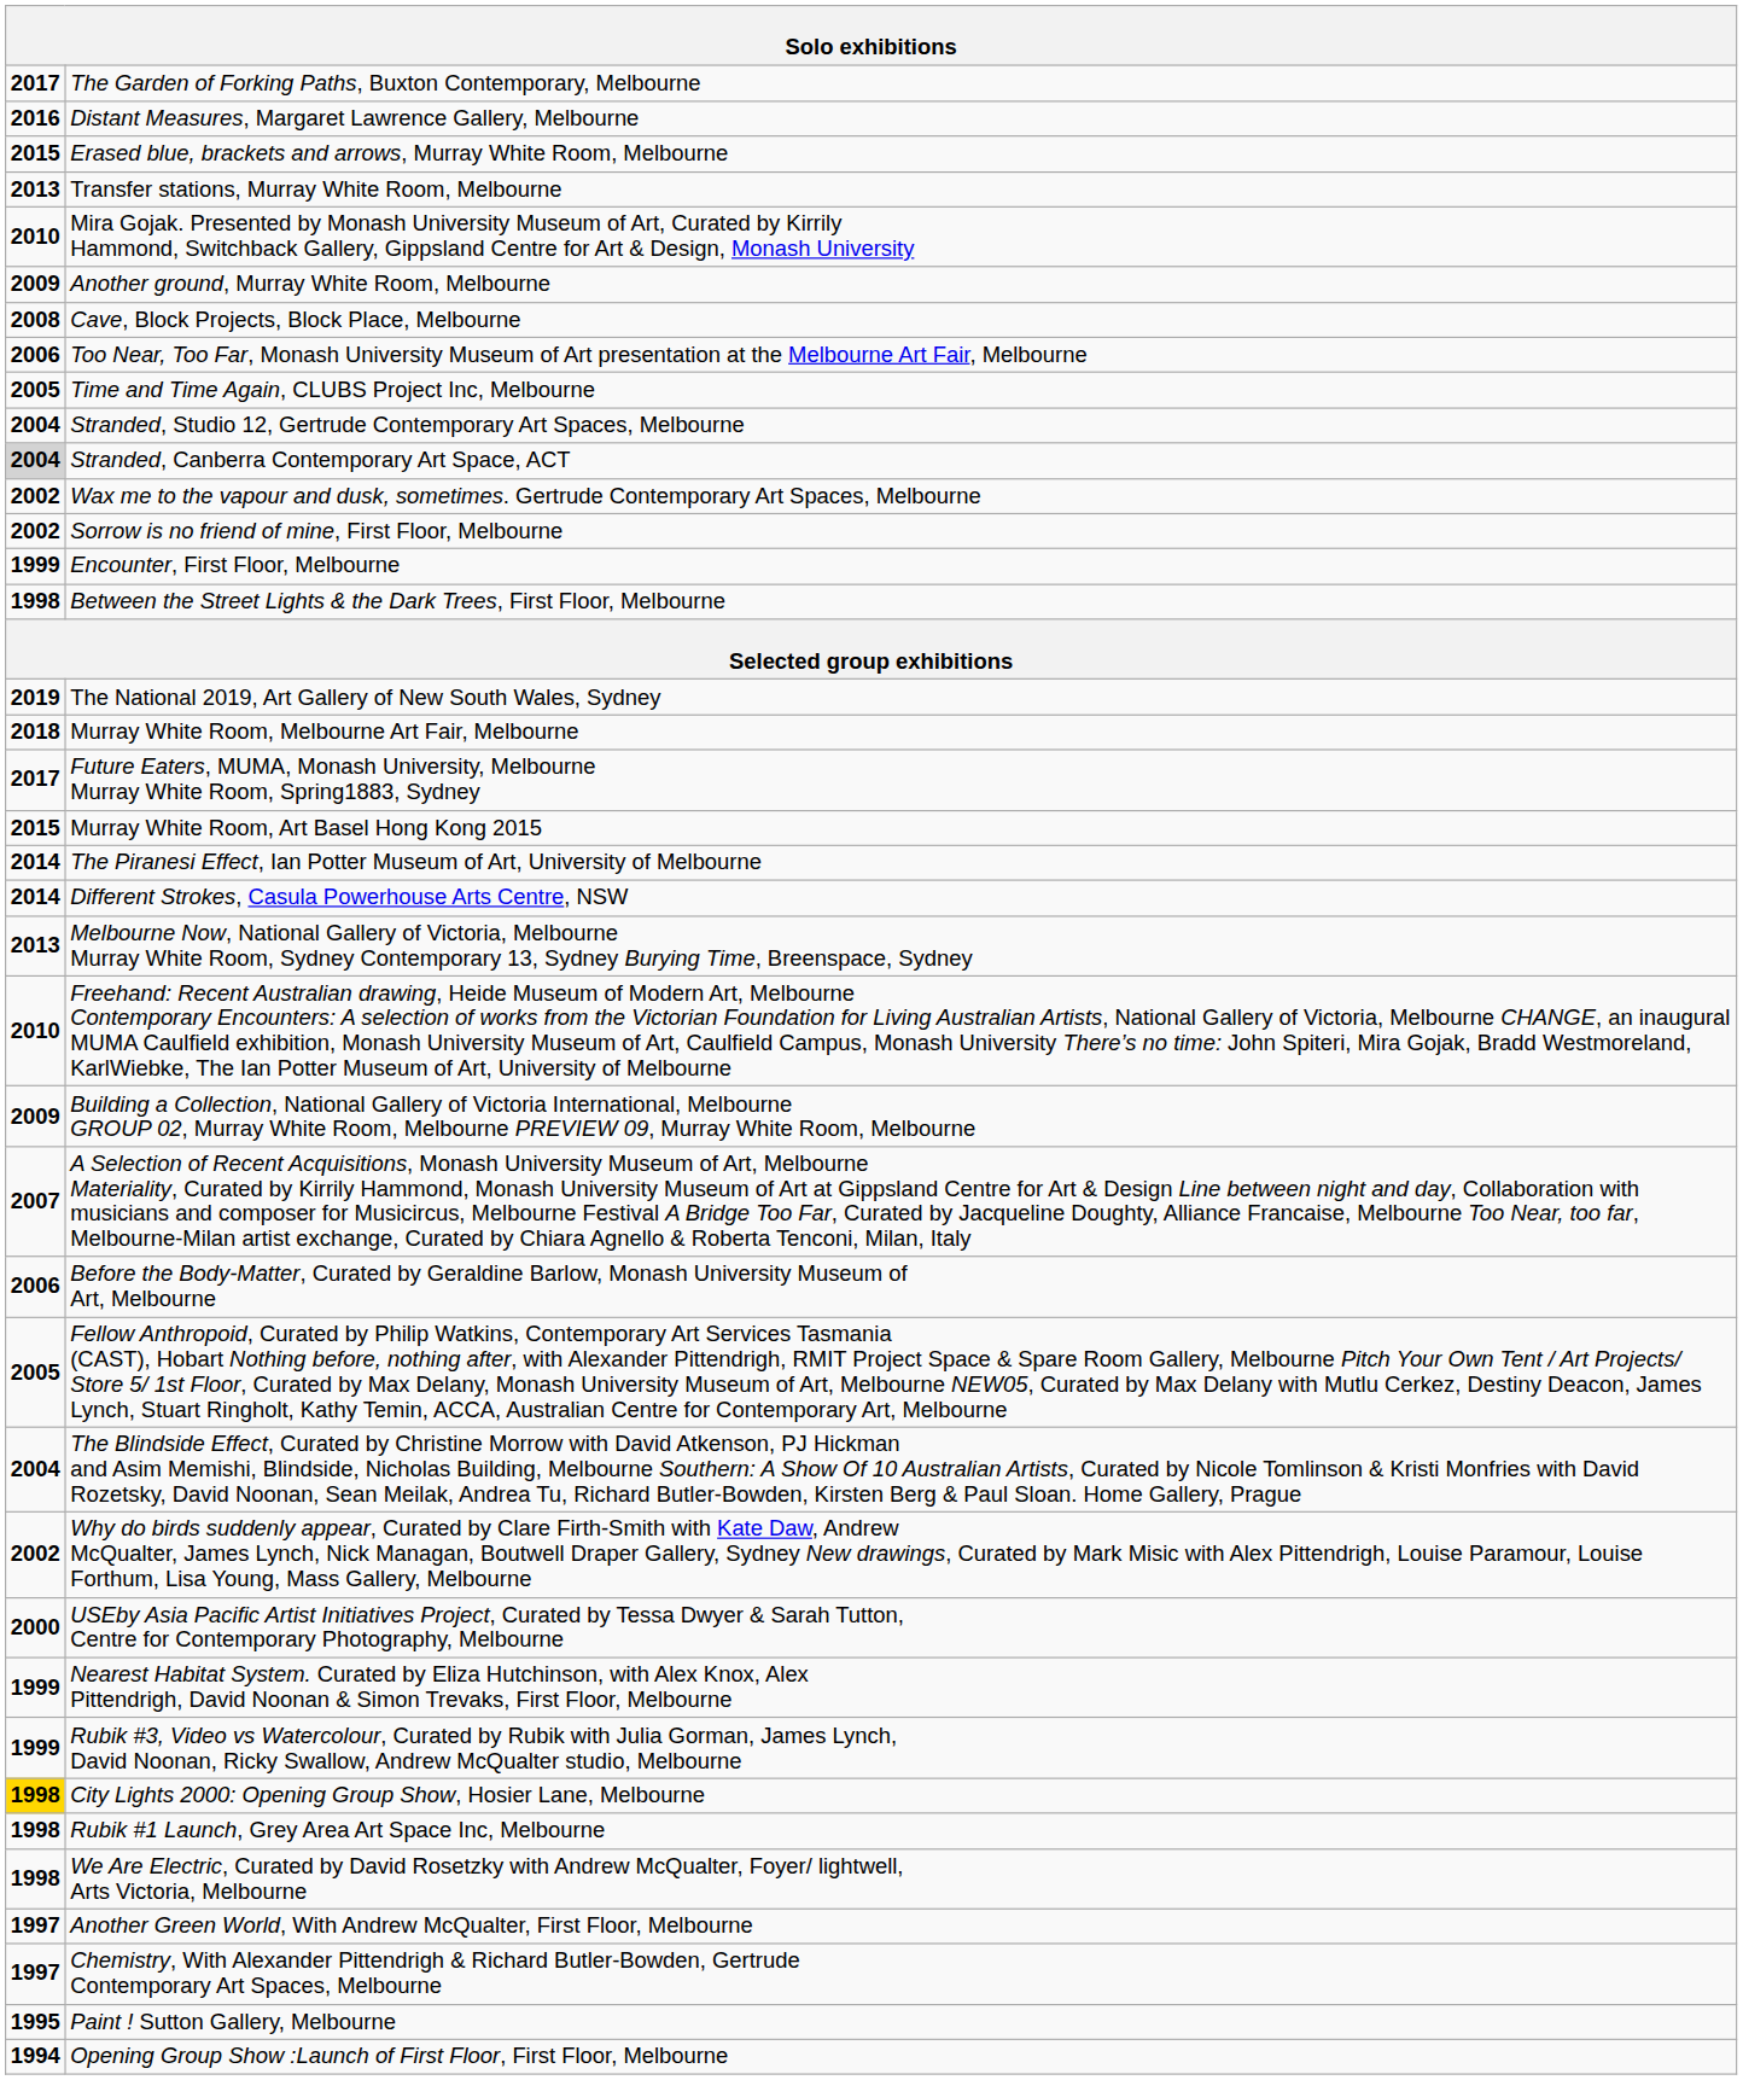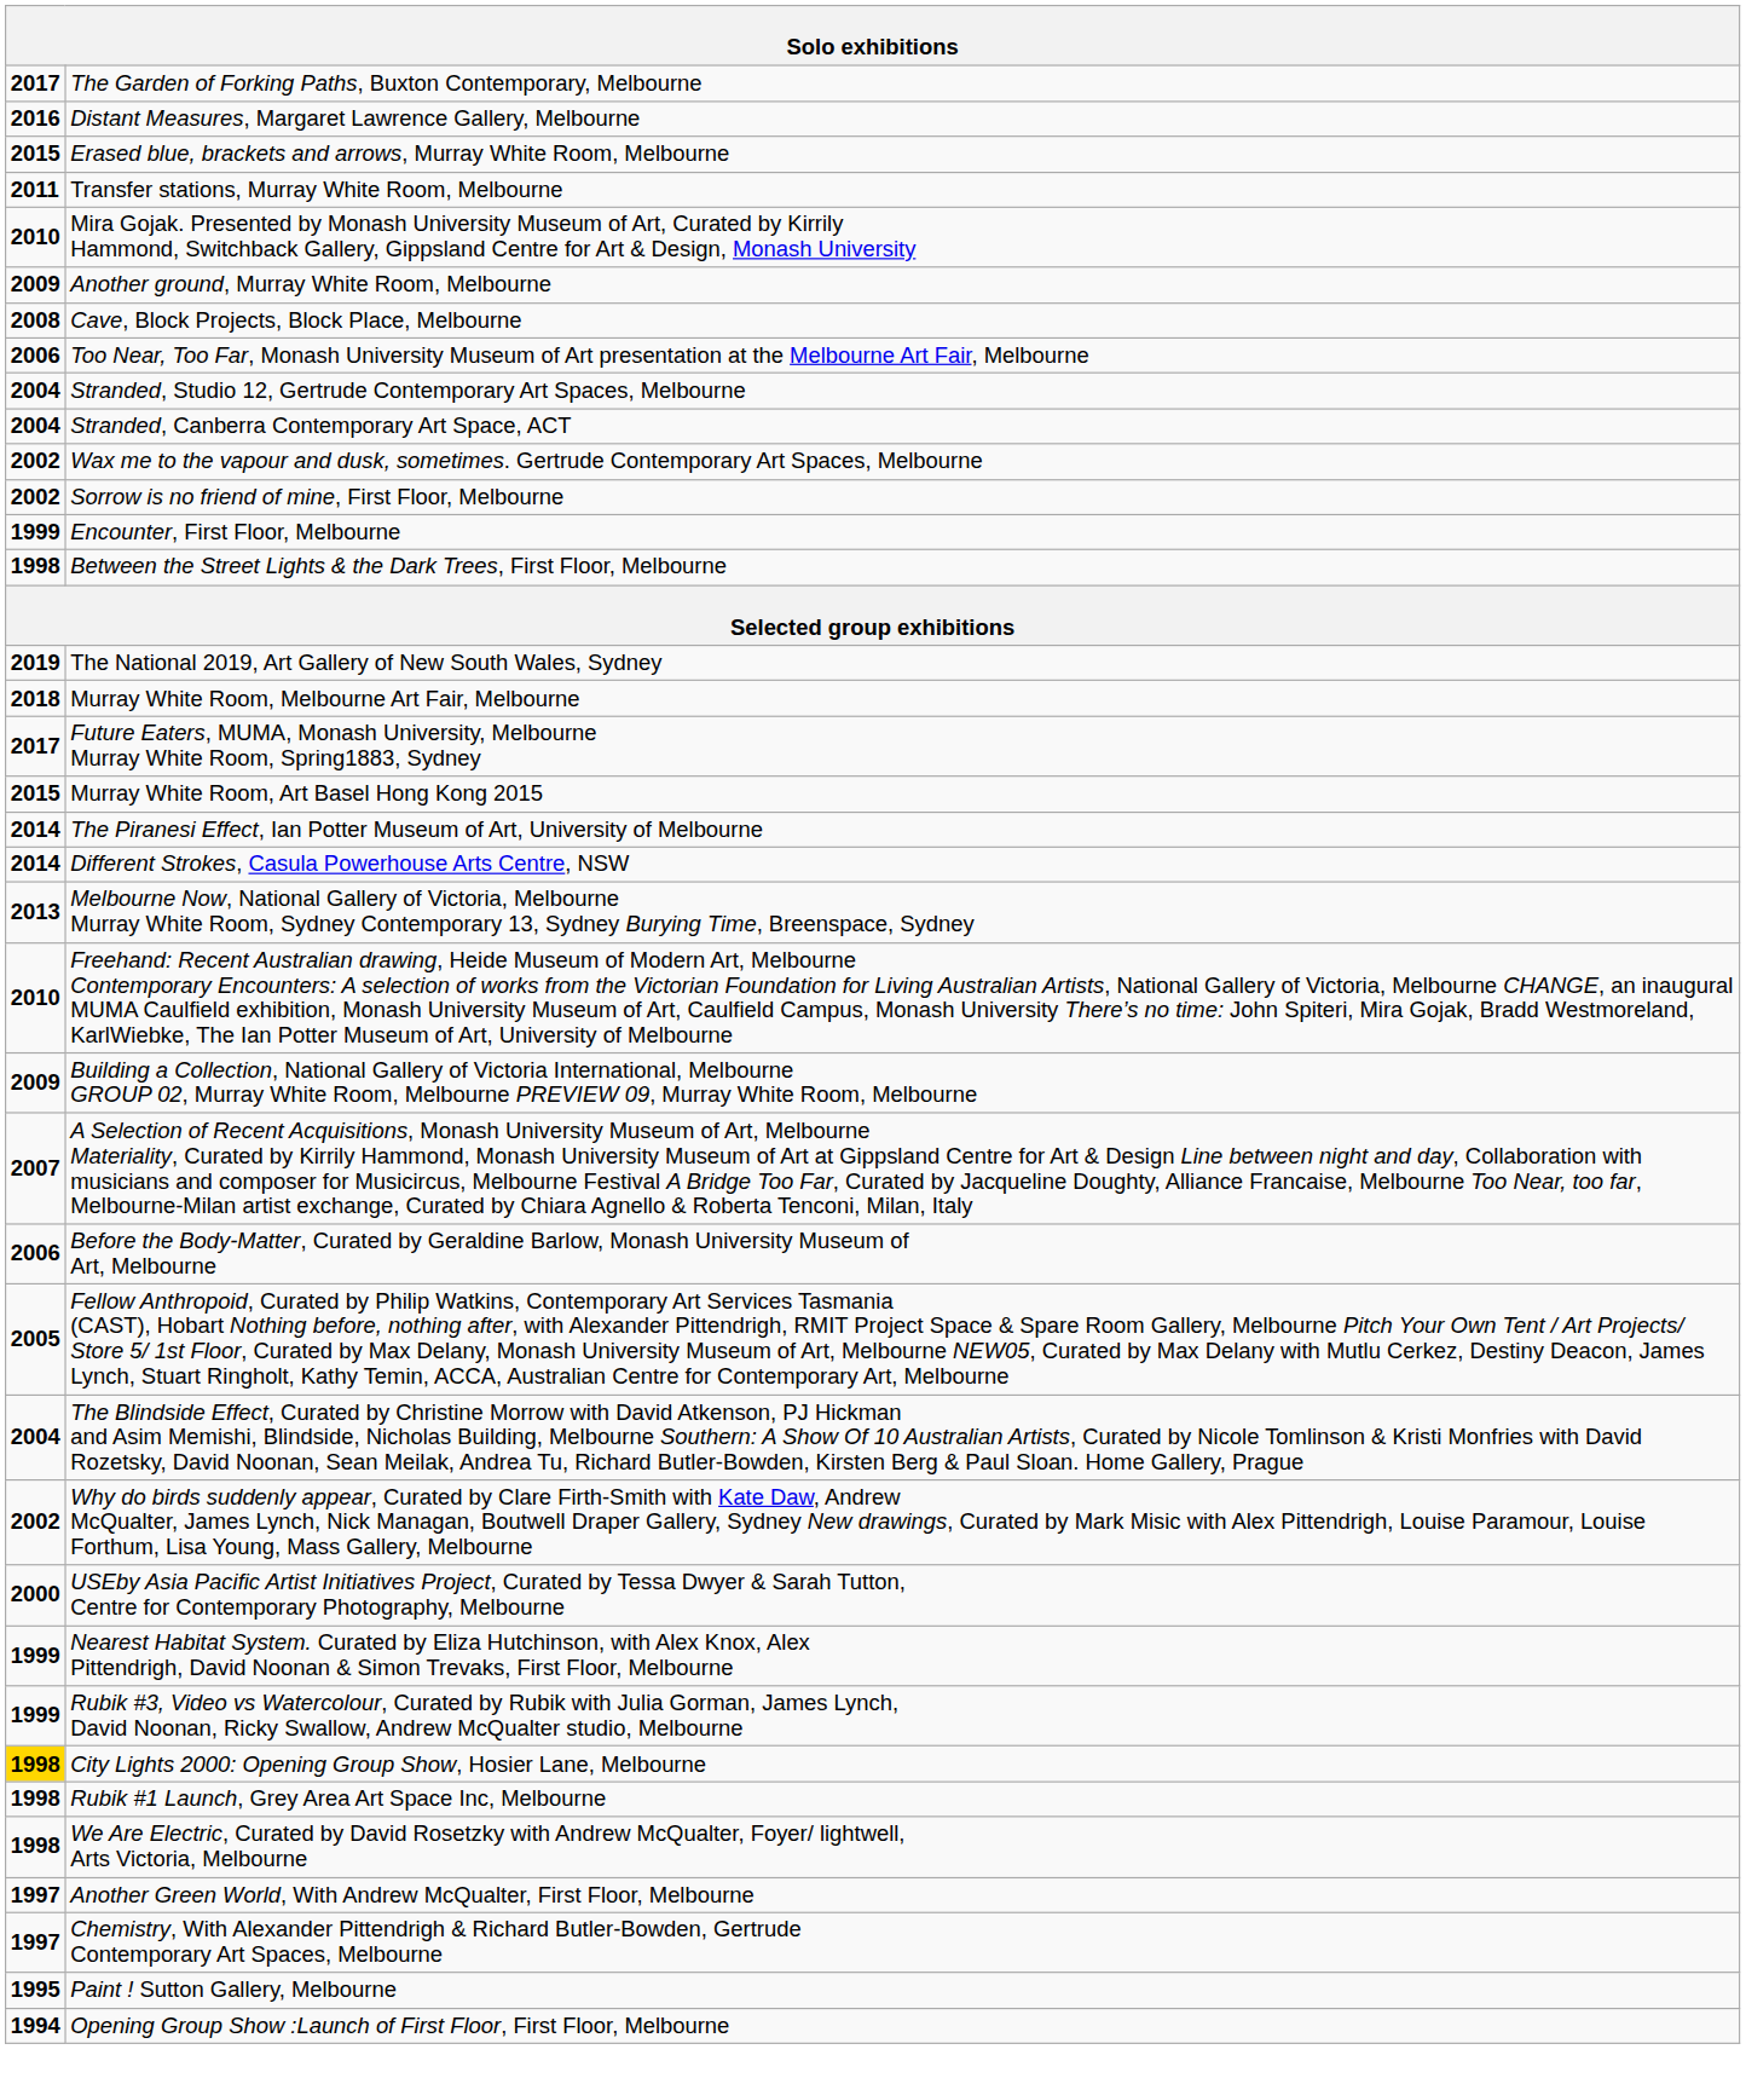 <table class="wikitable">
 <tr>
 <th colspan="2"><br>Solo exhibitions</th>
 </tr>
 <tr>
 <td><strong>2017</strong></td>
 <td><em>The Garden of Forking Paths</em>, Buxton Contemporary, Melbourne</td>
 </tr>
 <tr>
 <td><strong>2016</strong></td>
 <td><em>Distant Measures</em>, Margaret Lawrence Gallery, Melbourne</td>
 </tr>
 <tr>
 <td><strong>2015</strong></td>
 <td><em>Erased blue, brackets and arrows</em>, Murray White Room, Melbourne</td>
 </tr>
 <tr>
-<td><strong>2013</strong></td>
+<td><strong>2011</strong></td>
 <td>Transfer stations, Murray White Room, Melbourne</td>
 </tr>
 <tr>
 <td><strong>2010</strong></td>
 <td>Mira Gojak. Presented by Monash University Museum of Art, Curated by Kirrily<br>Hammond, Switchback Gallery, Gippsland Centre for Art & Design, <a href='#'>Monash University</a></td>
 </tr>
 <tr>
 <td><strong>2009</strong></td>
 <td><em>Another ground</em>, Murray White Room, Melbourne</td>
 </tr>
 <tr>
 <td><strong>2008</strong></td>
 <td><em>Cave</em>, Block Projects, Block Place, Melbourne</td>
 </tr>
 <tr>
 <td><strong>2006</strong></td>
 <td><em>Too Near, Too Far</em>, Monash University Museum of Art presentation at the <a href='#'>Melbourne Art Fair</a>, Melbourne</td>
 </tr>
 <tr>
-<td><strong>2005</strong></td>
-<td><em>Time and Time Again</em>, CLUBS Project Inc, Melbourne</td>
-</tr>
-<tr>
 <td><strong>2004</strong></td>
 <td><em>Stranded</em>, Studio 12, Gertrude Contemporary Art Spaces, Melbourne</td>
 </tr>
 <tr>
-<td style="background: lightgrey;"><strong>2004</strong></td>
+<td><strong>2004</strong></td>
 <td><em>Stranded</em>, Canberra Contemporary Art Space, ACT</td>
 </tr>
 <tr>
 <td><strong>2002</strong></td>
 <td><em>Wax me to the vapour and dusk, sometimes</em>. Gertrude Contemporary Art Spaces, Melbourne</td>
 </tr>
 <tr>
 <td><strong>2002</strong></td>
 <td><em>Sorrow is no friend of mine</em>, First Floor, Melbourne</td>
 </tr>
 <tr>
 <td><strong>1999</strong></td>
 <td><em>Encounter</em>, First Floor, Melbourne</td>
 </tr>
 <tr>
 <td><strong>1998</strong></td>
 <td><em>Between the Street Lights & the Dark Trees</em>, First Floor, Melbourne</td>
 </tr>
 <tr>
 <th colspan="2"><br>Selected group exhibitions</th>
 </tr>
 <tr>
 <td><strong>2019</strong></td>
 <td>The National 2019, Art Gallery of New South Wales, Sydney</td>
 </tr>
 <tr>
 <td><strong>2018</strong></td>
 <td>Murray White Room, Melbourne Art Fair, Melbourne</td>
 </tr>
 <tr>
 <td><strong>2017</strong></td>
 <td><em>Future Eaters</em>, MUMA, Monash University, Melbourne<br>Murray White Room, Spring1883, Sydney</td>
 </tr>
 <tr>
 <td><strong>2015</strong></td>
 <td>Murray White Room, Art Basel Hong Kong 2015</td>
 </tr>
 <tr>
 <td><strong>2014</strong></td>
 <td><em>The Piranesi Effect</em>, Ian Potter Museum of Art, University of Melbourne</td>
 </tr>
 <tr>
 <td><strong>2014</strong></td>
 <td><em>Different Strokes</em>, <a href='#'>Casula Powerhouse Arts Centre</a>, NSW</td>
 </tr>
 <tr>
 <td><strong>2013</strong></td>
 <td><em>Melbourne Now</em>, National Gallery of Victoria, Melbourne<br>Murray White Room, Sydney Contemporary 13, Sydney <em>Burying Time</em>, Breenspace, Sydney</td>
 </tr>
 <tr>
 <td><strong>2010</strong></td>
 <td><em>Freehand: Recent Australian drawing</em>, Heide Museum of Modern Art, Melbourne<br><em>Contemporary Encounters: A selection of works from the Victorian Foundation for</em> <em>Living Australian Artists</em>, National Gallery of Victoria, Melbourne <em>CHANGE</em>, an inaugural MUMA Caulfield exhibition, Monash University Museum of Art, Caulfield Campus, Monash University <em>There’s no time:</em> John Spiteri, Mira Gojak, Bradd Westmoreland, KarlWiebke, The Ian Potter Museum of Art, University of Melbourne</td>
 </tr>
 <tr>
 <td><strong>2009</strong></td>
 <td><em>Building a Collection</em>, National Gallery of Victoria International, Melbourne<br><em>GROUP 02</em>, Murray White Room, Melbourne <em>PREVIEW 09</em>, Murray White Room, Melbourne</td>
 </tr>
 <tr>
 <td><strong>2007</strong></td>
 <td><em>A Selection of Recent Acquisitions</em>, Monash University Museum of Art, Melbourne<br><em>Materiality</em>, Curated by Kirrily Hammond, Monash University Museum of Art at Gippsland Centre for Art & Design <em>Line between night and day</em>, Collaboration with musicians and composer for Musicircus, Melbourne Festival <em>A Bridge Too Far</em>, Curated by Jacqueline Doughty, Alliance Francaise, Melbourne <em>Too Near, too far</em>, Melbourne-Milan artist exchange, Curated by Chiara Agnello & Roberta Tenconi, Milan, Italy</td>
 </tr>
 <tr>
 <td><strong>2006</strong></td>
 <td><em>Before the Body-Matter</em>, Curated by Geraldine Barlow, Monash University Museum of<br>Art, Melbourne</td>
 </tr>
 <tr>
 <td><strong>2005</strong></td>
 <td><em>Fellow Anthropoid</em>, Curated by Philip Watkins, Contemporary Art Services Tasmania<br>(CAST), Hobart <em>Nothing before, nothing after</em>, with Alexander Pittendrigh, RMIT Project Space & Spare Room Gallery, Melbourne <em>Pitch Your Own Tent / Art Projects/ Store 5/ 1st Floor</em>, Curated by Max Delany, Monash University Museum of Art, Melbourne <em>NEW05</em>, Curated by Max Delany with Mutlu Cerkez, Destiny Deacon, James Lynch, Stuart Ringholt, Kathy Temin, ACCA, Australian Centre for Contemporary Art, Melbourne</td>
 </tr>
 <tr>
 <td><strong>2004</strong></td>
 <td><em>The Blindside Effect</em>, Curated by Christine Morrow with David Atkenson, PJ Hickman<br>and Asim Memishi, Blindside, Nicholas Building, Melbourne <em>Southern: A Show Of 10 Australian Artists</em>, Curated by Nicole Tomlinson & Kristi Monfries with David Rozetsky, David Noonan, Sean Meilak, Andrea Tu, Richard Butler-Bowden, Kirsten Berg & Paul Sloan. Home Gallery, Prague</td>
 </tr>
 <tr>
 <td><strong>2002</strong></td>
 <td><em>Why do birds suddenly appear</em>, Curated by Clare Firth-Smith with <a href='#'>Kate Daw</a>, Andrew<br>McQualter, James Lynch, Nick Managan, Boutwell Draper Gallery, Sydney <em>New drawings</em>, Curated by Mark Misic with Alex Pittendrigh, Louise Paramour, Louise Forthum, Lisa Young, Mass Gallery, Melbourne</td>
 </tr>
 <tr>
 <td><strong>2000</strong></td>
 <td><em>USEby Asia Pacific Artist Initiatives Project</em>, Curated by Tessa Dwyer & Sarah Tutton,<br>Centre for Contemporary Photography, Melbourne</td>
 </tr>
 <tr>
 <td><strong>1999</strong></td>
 <td><em>Nearest Habitat System.</em> Curated by Eliza Hutchinson, with Alex Knox, Alex<br>Pittendrigh, David Noonan & Simon Trevaks, First Floor, Melbourne</td>
 </tr>
 <tr>
 <td><strong>1999</strong></td>
 <td><em>Rubik #3, Video vs Watercolour</em>, Curated by Rubik with Julia Gorman, James Lynch,<br>David Noonan, Ricky Swallow, Andrew McQualter studio, Melbourne</td>
 </tr>
 <tr>
 <td style="background: gold;"><strong>1998</strong></td>
 <td><em>City Lights 2000: Opening Group Show</em>, Hosier Lane, Melbourne</td>
 </tr>
 <tr>
 <td><strong>1998</strong></td>
 <td><em>Rubik #1 Launch</em>, Grey Area Art Space Inc, Melbourne</td>
 </tr>
 <tr>
 <td><strong>1998</strong></td>
 <td><em>We Are Electric</em>, Curated by David Rosetzky with Andrew McQualter, Foyer/ lightwell,<br>Arts Victoria, Melbourne</td>
 </tr>
 <tr>
 <td><strong>1997</strong></td>
 <td><em>Another Green World</em>, With Andrew McQualter, First Floor, Melbourne</td>
 </tr>
 <tr>
 <td><strong>1997</strong></td>
 <td><em>Chemistry</em>, With Alexander Pittendrigh & Richard Butler-Bowden, Gertrude<br>Contemporary Art Spaces, Melbourne</td>
 </tr>
 <tr>
 <td><strong>1995</strong></td>
 <td><em>Paint !</em> Sutton Gallery, Melbourne</td>
 </tr>
 <tr>
 <td><strong>1994</strong></td>
 <td><em>Opening Group Show :Launch of First Floor</em>, First Floor, Melbourne</td>
 </tr>
 </table>
